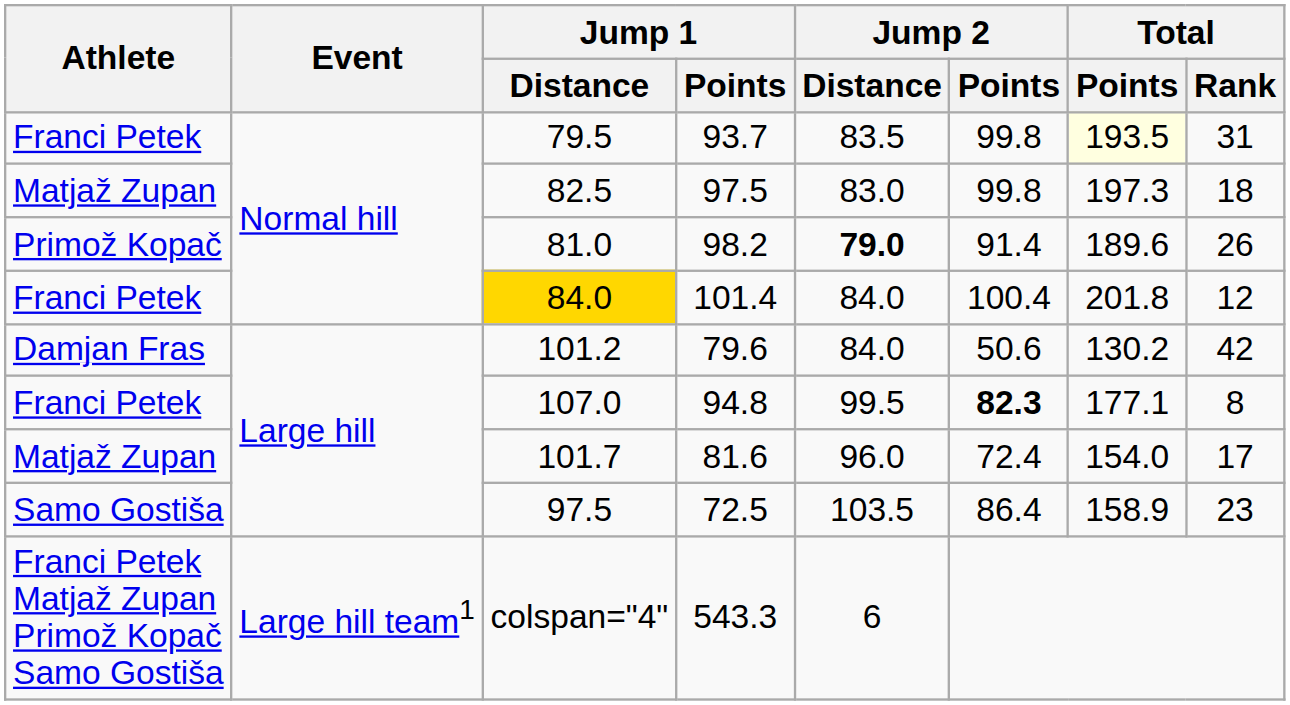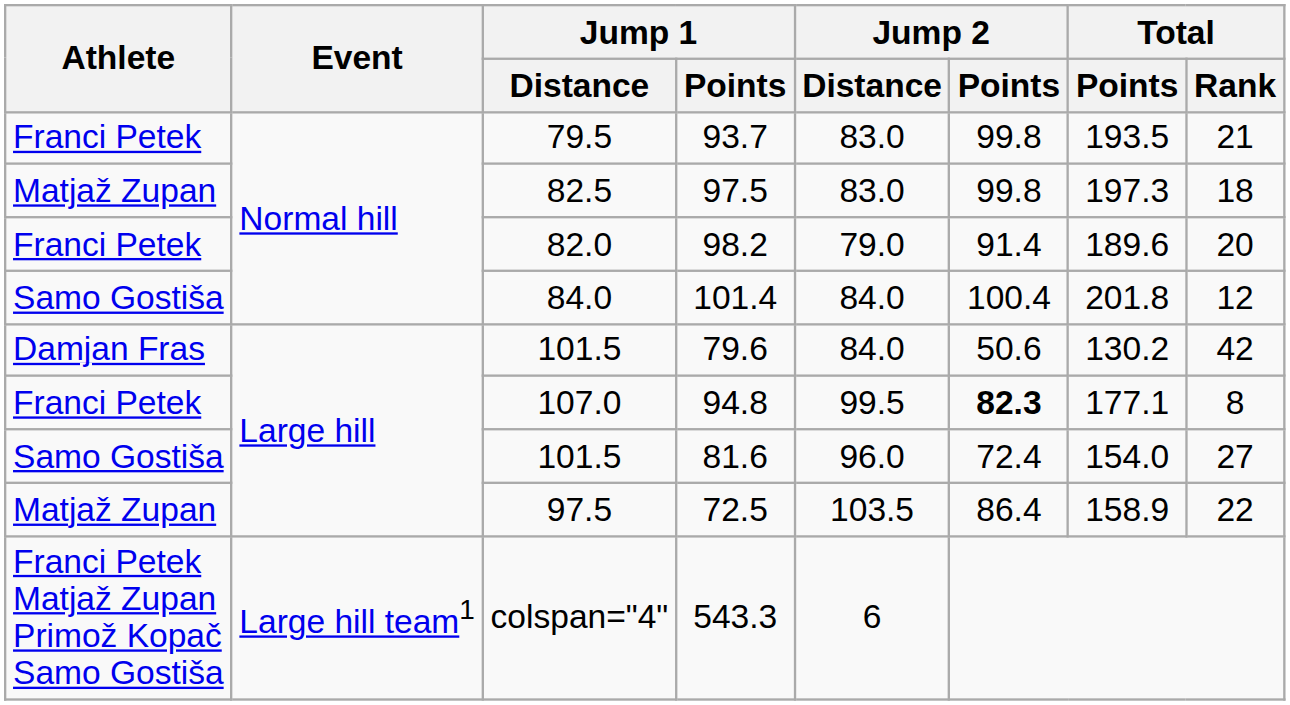 <table class="wikitable" style="font-size:90%">
 <tr>
 <th rowspan="2">Athlete</th>
 <th rowspan="2">Event</th>
 <th colspan="2">Jump 1</th>
 <th colspan="2">Jump 2</th>
 <th colspan="2">Total</th>
 </tr>
 <tr>
 <th>Distance</th>
 <th>Points</th>
 <th>Distance</th>
 <th>Points</th>
 <th>Points</th>
 <th>Rank</th>
 </tr>
 <tr>
 <td><a href='#'>Franci Petek</a></td>
 <td rowspan="4"><a href='#'>Normal hill</a></td>
 <td align="center">79.5</td>
 <td align="center">93.7</td>
-<td align="center">83.5</td>
+<td align="center">83.0</td>
 <td align="center">99.8</td>
-<td align="center" style="background: lightyellow;">193.5</td>
-<td align="center">31</td>
+<td align="center">193.5</td>
+<td align="center">21</td>
 </tr>
 <tr>
 <td><a href='#'>Matjaž Zupan</a></td>
 <td align="center">82.5</td>
 <td align="center">97.5</td>
 <td align="center">83.0</td>
 <td align="center">99.8</td>
 <td align="center">197.3</td>
 <td align="center">18</td>
 </tr>
 <tr>
-<td><a href='#'>Primož Kopač</a></td>
-<td align="center">81.0</td>
+<td><a href='#'>Franci Petek</a></td>
+<td align="center">82.0</td>
 <td align="center">98.2</td>
-<td align="center"><strong>79.0</strong></td>
+<td align="center">79.0</td>
 <td align="center">91.4</td>
 <td align="center">189.6</td>
-<td align="center">26</td>
+<td align="center">20</td>
 </tr>
 <tr>
-<td><a href='#'>Franci Petek</a></td>
-<td align="center" style="background: gold;">84.0</td>
+<td><a href='#'>Samo Gostiša</a></td>
+<td align="center">84.0</td>
 <td align="center">101.4</td>
 <td align="center">84.0</td>
 <td align="center">100.4</td>
 <td align="center">201.8</td>
 <td align="center">12</td>
 </tr>
 <tr>
 <td><a href='#'>Damjan Fras</a></td>
 <td rowspan="4"><a href='#'>Large hill</a></td>
-<td align="center">101.2</td>
+<td align="center">101.5</td>
 <td align="center">79.6</td>
 <td align="center">84.0</td>
 <td align="center">50.6</td>
 <td align="center">130.2</td>
 <td align="center">42</td>
 </tr>
 <tr>
 <td><a href='#'>Franci Petek</a></td>
 <td align="center">107.0</td>
 <td align="center">94.8</td>
 <td align="center">99.5</td>
 <td align="center"><strong>82.3</strong></td>
 <td align="center">177.1</td>
 <td align="center">8</td>
 </tr>
 <tr>
-<td><a href='#'>Matjaž Zupan</a></td>
-<td align="center">101.7</td>
+<td><a href='#'>Samo Gostiša</a></td>
+<td align="center">101.5</td>
 <td align="center">81.6</td>
 <td align="center">96.0</td>
 <td align="center">72.4</td>
 <td align="center">154.0</td>
-<td align="center">17</td>
+<td align="center">27</td>
 </tr>
 <tr>
-<td><a href='#'>Samo Gostiša</a></td>
+<td><a href='#'>Matjaž Zupan</a></td>
 <td align="center">97.5</td>
 <td align="center">72.5</td>
 <td align="center">103.5</td>
 <td align="center">86.4</td>
 <td align="center">158.9</td>
-<td align="center">23</td>
+<td align="center">22</td>
 </tr>
 <tr>
 <td><a href='#'>Franci Petek</a><br><a href='#'>Matjaž Zupan</a><br><a href='#'>Primož Kopač</a><br><a href='#'>Samo Gostiša</a></td>
 <td><a href='#'>Large hill team</a><sup>1</sup></td>
 <td>colspan="4" </td>
 <td align=center>543.3</td>
 <td align=center>6</td>
 </tr>
 </table>
